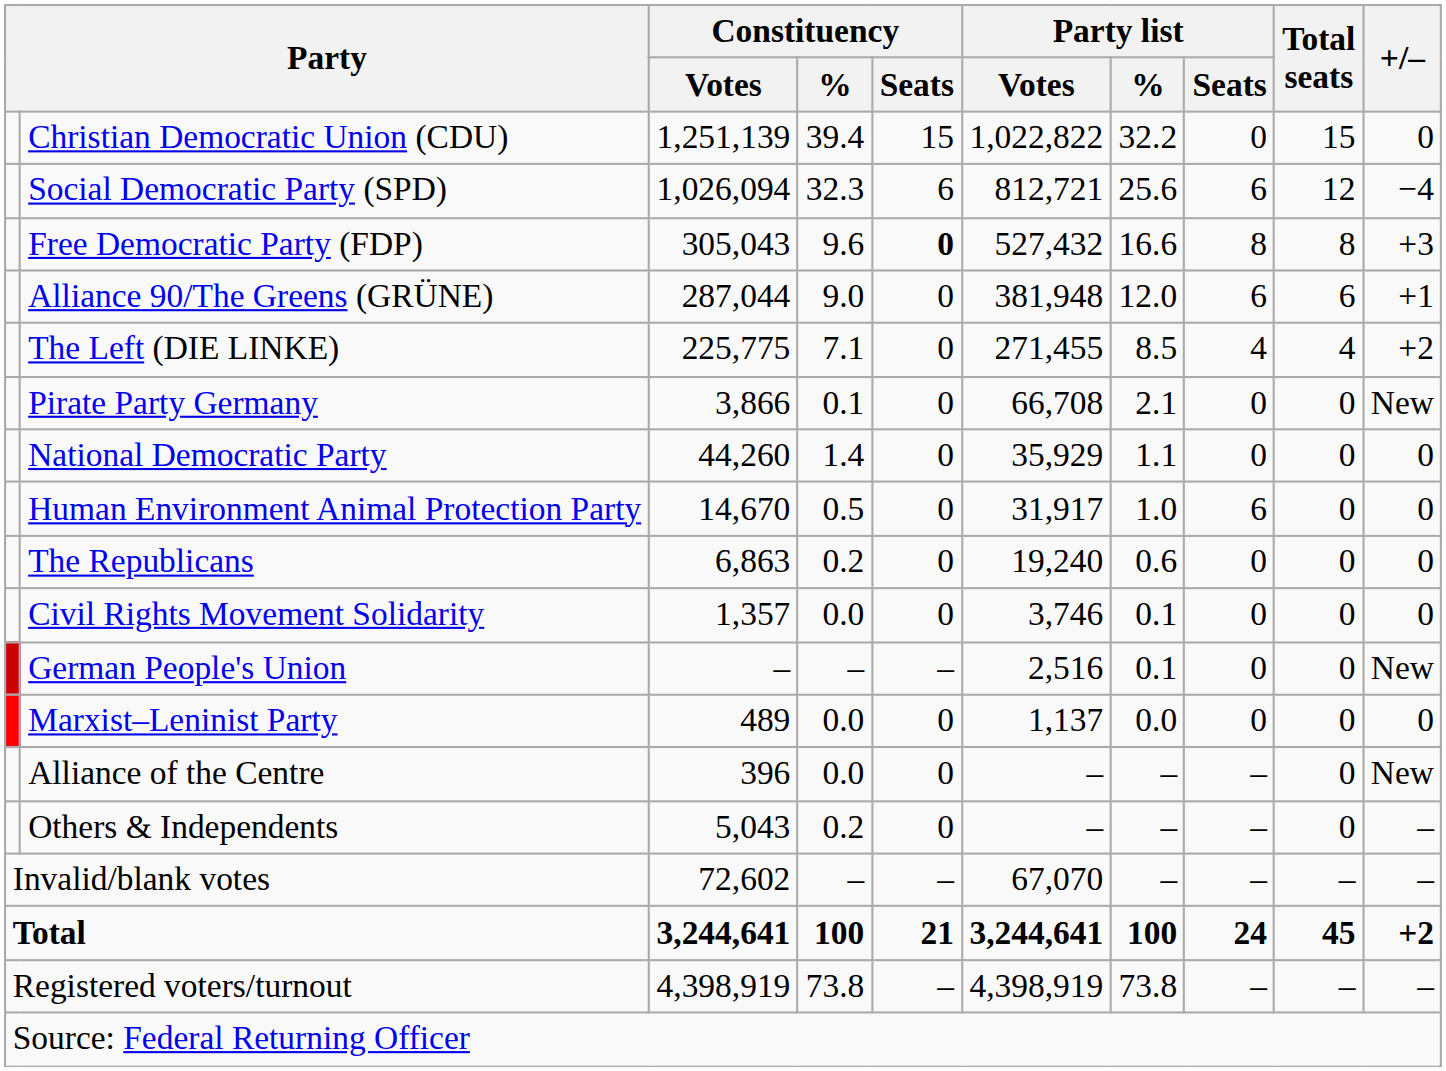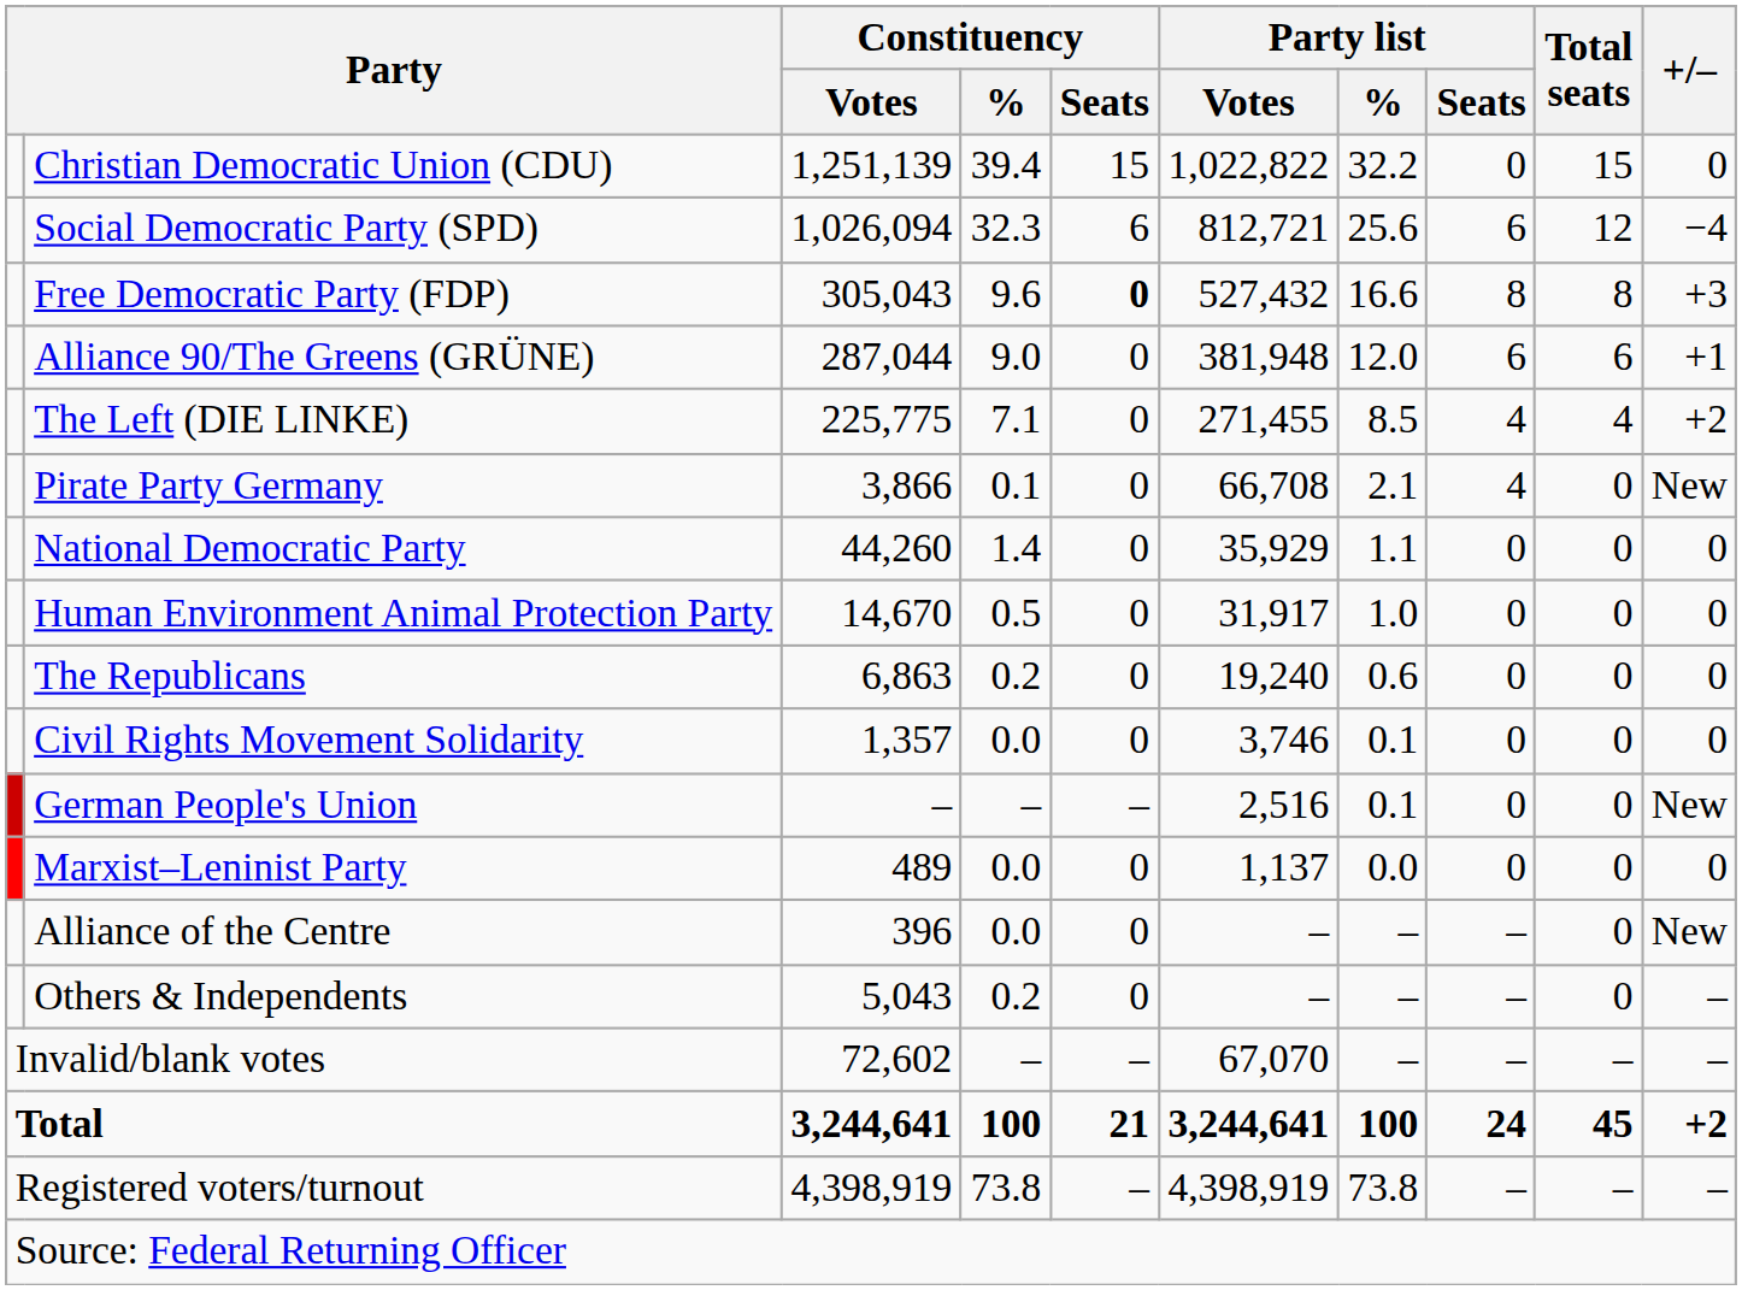 <table class="wikitable" style="text-align:right">
 <tr>
 <th colspan="2" rowspan="2">Party</th>
 <th colspan="3">Constituency</th>
 <th colspan="3">Party list</th>
 <th rowspan="2">Total<br>seats</th>
 <th rowspan="2">+/–</th>
 </tr>
 <tr>
 <th>Votes</th>
 <th>%</th>
 <th>Seats</th>
 <th>Votes</th>
 <th>%</th>
 <th>Seats</th>
 </tr>
 <tr>
 <td></td>
 <td align="left"><a href='#'>Christian Democratic Union</a> (CDU)</td>
 <td>1,251,139</td>
 <td>39.4</td>
 <td>15</td>
 <td>1,022,822</td>
 <td>32.2</td>
 <td>0</td>
 <td>15</td>
 <td>0</td>
 </tr>
 <tr>
 <td></td>
 <td align="left"><a href='#'>Social Democratic Party</a> (SPD)</td>
 <td>1,026,094</td>
 <td>32.3</td>
 <td>6</td>
 <td>812,721</td>
 <td>25.6</td>
 <td>6</td>
 <td>12</td>
 <td>−4</td>
 </tr>
 <tr>
 <td></td>
 <td align="left"><a href='#'>Free Democratic Party</a> (FDP)</td>
 <td>305,043</td>
 <td>9.6</td>
 <td><strong>0</strong></td>
 <td>527,432</td>
 <td>16.6</td>
 <td>8</td>
 <td>8</td>
 <td>+3</td>
 </tr>
 <tr>
 <td></td>
 <td align="left"><a href='#'>Alliance 90/The Greens</a> (GRÜNE)</td>
 <td>287,044</td>
 <td>9.0</td>
 <td>0</td>
 <td>381,948</td>
 <td>12.0</td>
 <td>6</td>
 <td>6</td>
 <td>+1</td>
 </tr>
 <tr>
 <td></td>
 <td align="left"><a href='#'>The Left</a> (DIE LINKE)</td>
 <td>225,775</td>
 <td>7.1</td>
 <td>0</td>
 <td>271,455</td>
 <td>8.5</td>
 <td>4</td>
 <td>4</td>
 <td>+2</td>
 </tr>
 <tr>
 <td style="background-color:"></td>
 <td align="left"><a href='#'>Pirate Party Germany</a></td>
 <td>3,866</td>
 <td>0.1</td>
 <td>0</td>
 <td>66,708</td>
 <td>2.1</td>
-<td>0</td>
+<td>4</td>
 <td>0</td>
 <td>New</td>
 </tr>
 <tr>
 <td style="background-color:"></td>
 <td align="left"><a href='#'>National Democratic Party</a></td>
 <td>44,260</td>
 <td>1.4</td>
 <td>0</td>
 <td>35,929</td>
 <td>1.1</td>
 <td>0</td>
 <td>0</td>
 <td>0</td>
 </tr>
 <tr>
 <td style="background-color:"></td>
 <td align="left"><a href='#'>Human Environment Animal Protection Party</a></td>
 <td>14,670</td>
 <td>0.5</td>
 <td>0</td>
 <td>31,917</td>
 <td>1.0</td>
-<td>6</td>
+<td>0</td>
 <td>0</td>
 <td>0</td>
 </tr>
 <tr>
 <td style="background-color:"></td>
 <td align="left"><a href='#'>The Republicans</a></td>
 <td>6,863</td>
 <td>0.2</td>
 <td>0</td>
 <td>19,240</td>
 <td>0.6</td>
 <td>0</td>
 <td>0</td>
 <td>0</td>
 </tr>
 <tr>
 <td></td>
 <td align="left"><a href='#'>Civil Rights Movement Solidarity</a></td>
 <td>1,357</td>
 <td>0.0</td>
 <td>0</td>
 <td>3,746</td>
 <td>0.1</td>
 <td>0</td>
 <td>0</td>
 <td>0</td>
 </tr>
 <tr>
 <td style="background-color:#CC0000"></td>
 <td align="left"><a href='#'>German People's Union</a></td>
 <td>–</td>
 <td>–</td>
 <td>–</td>
 <td>2,516</td>
 <td>0.1</td>
 <td>0</td>
 <td>0</td>
 <td>New</td>
 </tr>
 <tr>
 <td style="background-color:red"></td>
 <td align="left"><a href='#'>Marxist–Leninist Party</a></td>
 <td>489</td>
 <td>0.0</td>
 <td>0</td>
 <td>1,137</td>
 <td>0.0</td>
 <td>0</td>
 <td>0</td>
 <td>0</td>
 </tr>
 <tr>
 <td></td>
 <td align="left">Alliance of the Centre</td>
 <td>396</td>
 <td>0.0</td>
 <td>0</td>
 <td>–</td>
 <td>–</td>
 <td>–</td>
 <td>0</td>
 <td>New</td>
 </tr>
 <tr>
 <td></td>
 <td align="left">Others & Independents</td>
 <td>5,043</td>
 <td>0.2</td>
 <td>0</td>
 <td>–</td>
 <td>–</td>
 <td>–</td>
 <td>0</td>
 <td>–</td>
 </tr>
 <tr>
 <td colspan="2" align="left">Invalid/blank votes</td>
 <td>72,602</td>
 <td>–</td>
 <td>–</td>
 <td>67,070</td>
 <td>–</td>
 <td>–</td>
 <td>–</td>
 <td>–</td>
 </tr>
 <tr>
 <td colspan="2" align="left"><strong>Total</strong></td>
 <td><strong>3,244,641</strong></td>
 <td><strong>100</strong></td>
 <td><strong>21</strong></td>
 <td><strong>3,244,641</strong></td>
 <td><strong>100</strong></td>
 <td><strong>24</strong></td>
 <td><strong>45</strong></td>
 <td><strong>+2</strong></td>
 </tr>
 <tr>
 <td colspan="2" align="left">Registered voters/turnout</td>
 <td>4,398,919</td>
 <td>73.8</td>
 <td>–</td>
 <td>4,398,919</td>
 <td>73.8</td>
 <td>–</td>
 <td>–</td>
 <td>–</td>
 </tr>
 <tr>
 <td colspan="10" align="left">Source: <a href='#'>Federal Returning Officer</a></td>
 </tr>
 </table>
